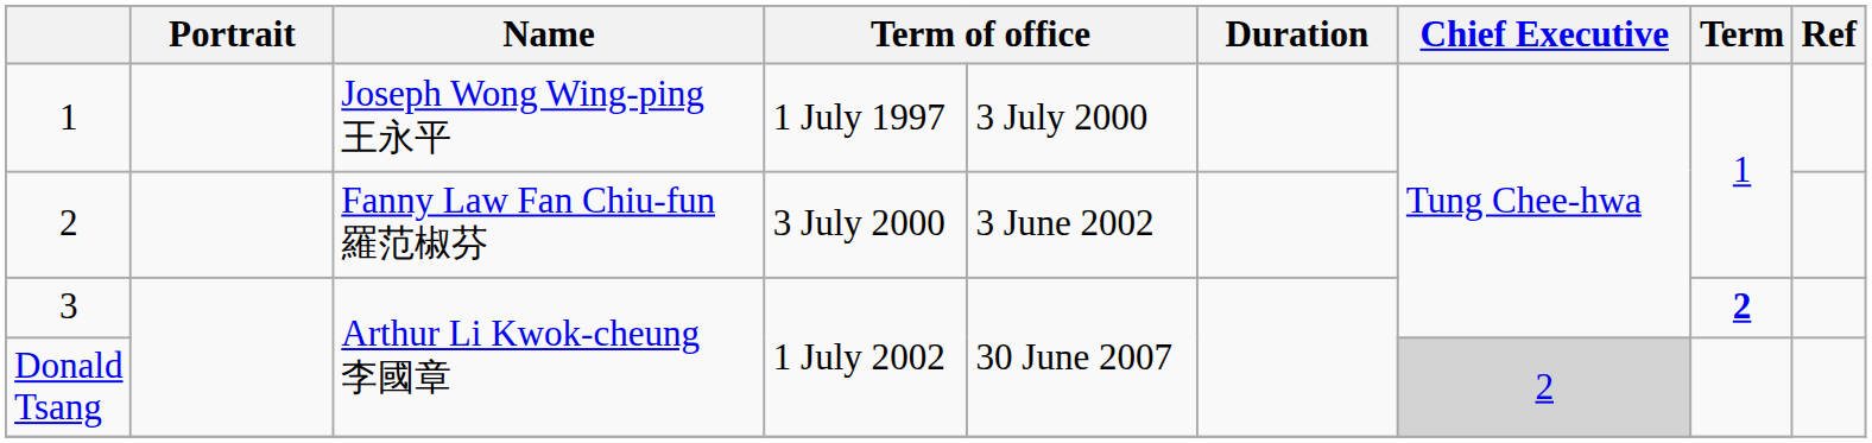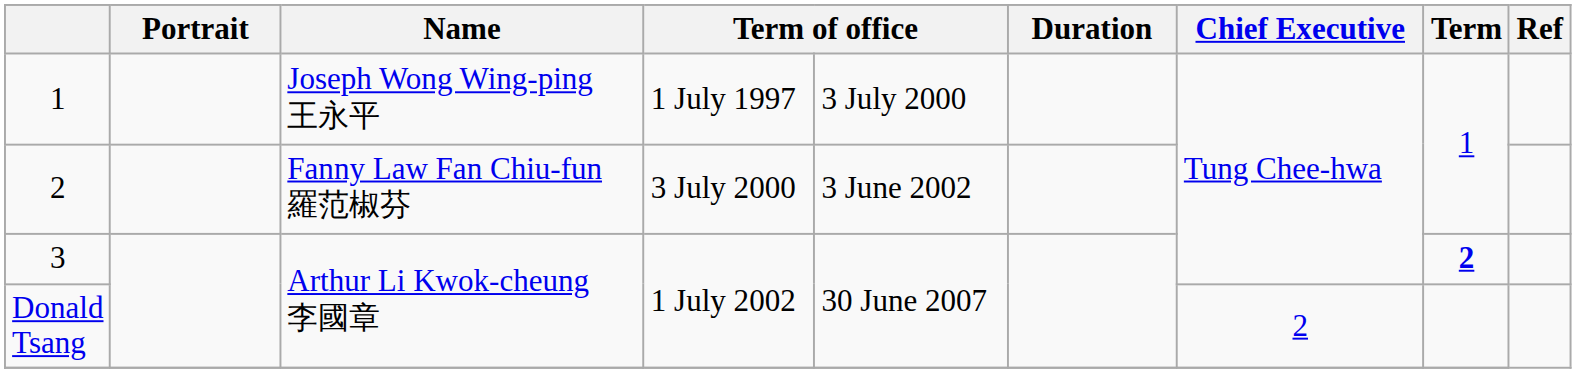 <table class="wikitable"  style="text-align:left">
 <tr>
 <th width="10"></th>
 <th width="80">Portrait</th>
 <th width="180">Name</th>
 <th width="180" colspan="2">Term of office</th>
 <th width="80">Duration</th>
 <th width="120"><a href='#'>Chief Executive</a></th>
 <th>Term</th>
 <th>Ref</th>
 </tr>
 <tr>
 <td align="center">1</td>
 <td></td>
 <td><a href='#'>Joseph Wong Wing-ping</a><br>王永平</td>
 <td>1 July 1997</td>
 <td>3 July 2000</td>
 <td></td>
 <td rowspan=3><a href='#'>Tung Chee-hwa</a><br></td>
 <td rowspan=2 align=center><a href='#'>1</a></td>
 <td></td>
 </tr>
 <tr>
 <td align="center">2</td>
 <td></td>
 <td><a href='#'>Fanny Law Fan Chiu-fun</a><br>羅范椒芬</td>
 <td>3 July 2000</td>
 <td>3 June 2002</td>
 <td></td>
 <td></td>
 </tr>
 <tr>
 <td align="center">3</td>
 <td rowspan=2></td>
 <td rowspan=2><a href='#'>Arthur Li Kwok-cheung</a><br>李國章</td>
 <td rowspan=2>1 July 2002</td>
 <td rowspan=2>30 June 2007</td>
 <td rowspan=2></td>
 <td align=center><strong><a href='#'>2</a></strong></td>
 <td></td>
 </tr>
 <tr>
 <td><a href='#'>Donald Tsang</a><br></td>
-<td align=center style="background: lightgrey;"><a href='#'>2</a></td>
+<td align=center><a href='#'>2</a></td>
 <td></td>
 </tr>
 <tr>
 </tr>
 </table>
